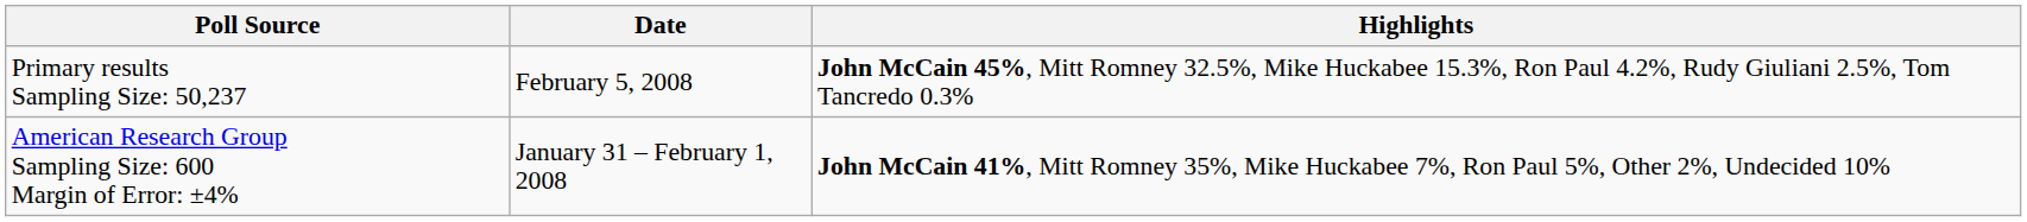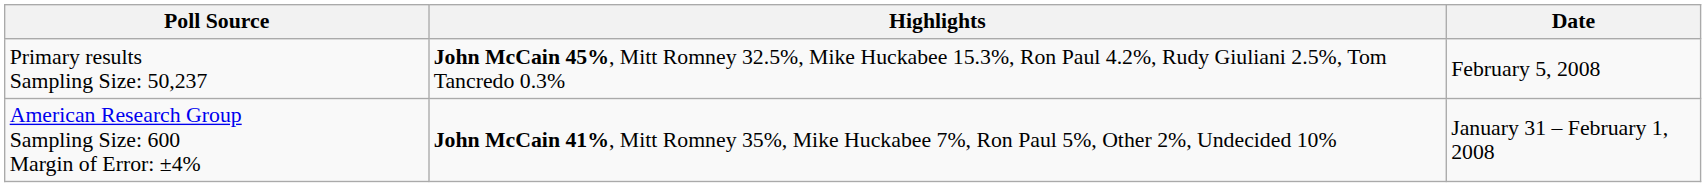 <table class="wikitable sortable">
 <tr>
 <th width="25%">Poll Source</th>
+<th width="60%">Highlights</th>
 <th width="15%">Date</th>
-<th width="60%">Highlights</th>
 </tr>
 <tr>
 <td>Primary results<br>Sampling Size: 50,237<br></td>
+<td><strong>John McCain 45%</strong>, Mitt Romney 32.5%, Mike Huckabee 15.3%, Ron Paul 4.2%, Rudy Giuliani 2.5%, Tom Tancredo 0.3%</td>
 <td>February 5, 2008</td>
-<td><strong>John McCain 45%</strong>, Mitt Romney 32.5%, Mike Huckabee 15.3%, Ron Paul 4.2%, Rudy Giuliani 2.5%, Tom Tancredo 0.3%</td>
 </tr>
 <tr>
 <td><a href='#'>American Research Group</a><br>Sampling Size: 600<br> Margin of Error: ±4%</td>
+<td><strong>John McCain 41%</strong>, Mitt Romney 35%, Mike Huckabee 7%, Ron Paul 5%, Other 2%, Undecided 10%</td>
 <td>January 31 – February 1, 2008</td>
-<td><strong>John McCain 41%</strong>, Mitt Romney 35%, Mike Huckabee 7%, Ron Paul 5%, Other 2%, Undecided 10%</td>
 </tr>
 </table>
